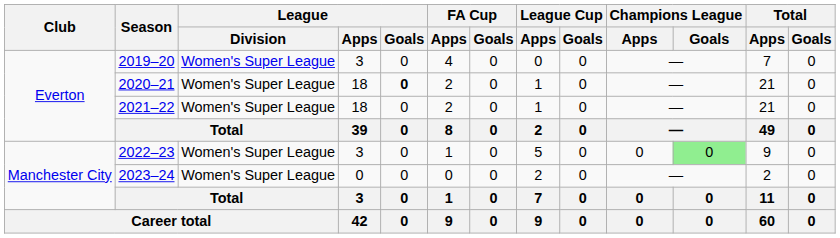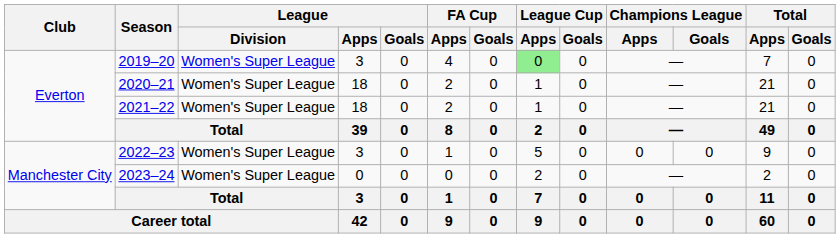 <table class="wikitable" style="text-align:center">
 <tr>
 <th rowspan="2">Club</th>
 <th rowspan="2">Season</th>
 <th colspan="3">League</th>
 <th colspan="2">FA Cup</th>
 <th colspan="2">League Cup</th>
 <th colspan="2">Champions League</th>
 <th colspan="2">Total</th>
 </tr>
 <tr>
 <th>Division</th>
 <th>Apps</th>
 <th>Goals</th>
 <th>Apps</th>
 <th>Goals</th>
 <th>Apps</th>
 <th>Goals</th>
 <th>Apps</th>
 <th>Goals</th>
 <th>Apps</th>
 <th>Goals</th>
 </tr>
 <tr>
 <td rowspan="4"><a href='#'>Everton</a></td>
 <td><a href='#'>2019–20</a></td>
 <td><a href='#'>Women's Super League</a></td>
 <td>3</td>
 <td>0</td>
 <td>4</td>
 <td>0</td>
-<td>0</td>
+<td style="background: lightgreen;">0</td>
 <td>0</td>
 <td colspan="2">—</td>
 <td>7</td>
 <td>0</td>
 </tr>
 <tr>
 <td><a href='#'>2020–21</a></td>
 <td>Women's Super League</td>
 <td>18</td>
-<td><strong>0</strong></td>
+<td>0</td>
 <td>2</td>
 <td>0</td>
 <td>1</td>
 <td>0</td>
 <td colspan="2">—</td>
 <td>21</td>
 <td>0</td>
 </tr>
 <tr>
 <td><a href='#'>2021–22</a></td>
 <td>Women's Super League</td>
 <td>18</td>
 <td>0</td>
 <td>2</td>
 <td>0</td>
 <td>1</td>
 <td>0</td>
 <td colspan="2">—</td>
 <td>21</td>
 <td>0</td>
 </tr>
 <tr>
 <th colspan="2">Total</th>
 <th>39</th>
 <th>0</th>
 <th>8</th>
 <th>0</th>
 <th>2</th>
 <th>0</th>
 <th colspan="2">—</th>
 <th>49</th>
 <th>0</th>
 </tr>
 <tr>
 <td rowspan="3"><a href='#'>Manchester City</a></td>
 <td><a href='#'>2022–23</a></td>
 <td>Women's Super League</td>
 <td>3</td>
 <td>0</td>
 <td>1</td>
 <td>0</td>
 <td>5</td>
 <td>0</td>
 <td>0</td>
-<td style="background: lightgreen;">0</td>
+<td>0</td>
 <td>9</td>
 <td>0</td>
 </tr>
 <tr>
 <td><a href='#'>2023–24</a></td>
 <td>Women's Super League</td>
 <td>0</td>
 <td>0</td>
 <td>0</td>
 <td>0</td>
 <td>2</td>
 <td>0</td>
 <td colspan="2">—</td>
 <td>2</td>
 <td>0</td>
 </tr>
 <tr>
 <th colspan="2">Total</th>
 <th>3</th>
 <th>0</th>
 <th>1</th>
 <th>0</th>
 <th>7</th>
 <th>0</th>
 <th>0</th>
 <th>0</th>
 <th>11</th>
 <th>0</th>
 </tr>
 <tr>
 <th colspan="3">Career total</th>
 <th>42</th>
 <th>0</th>
 <th>9</th>
 <th>0</th>
 <th>9</th>
 <th>0</th>
 <th>0</th>
 <th>0</th>
 <th>60</th>
 <th>0</th>
 </tr>
 </table>
